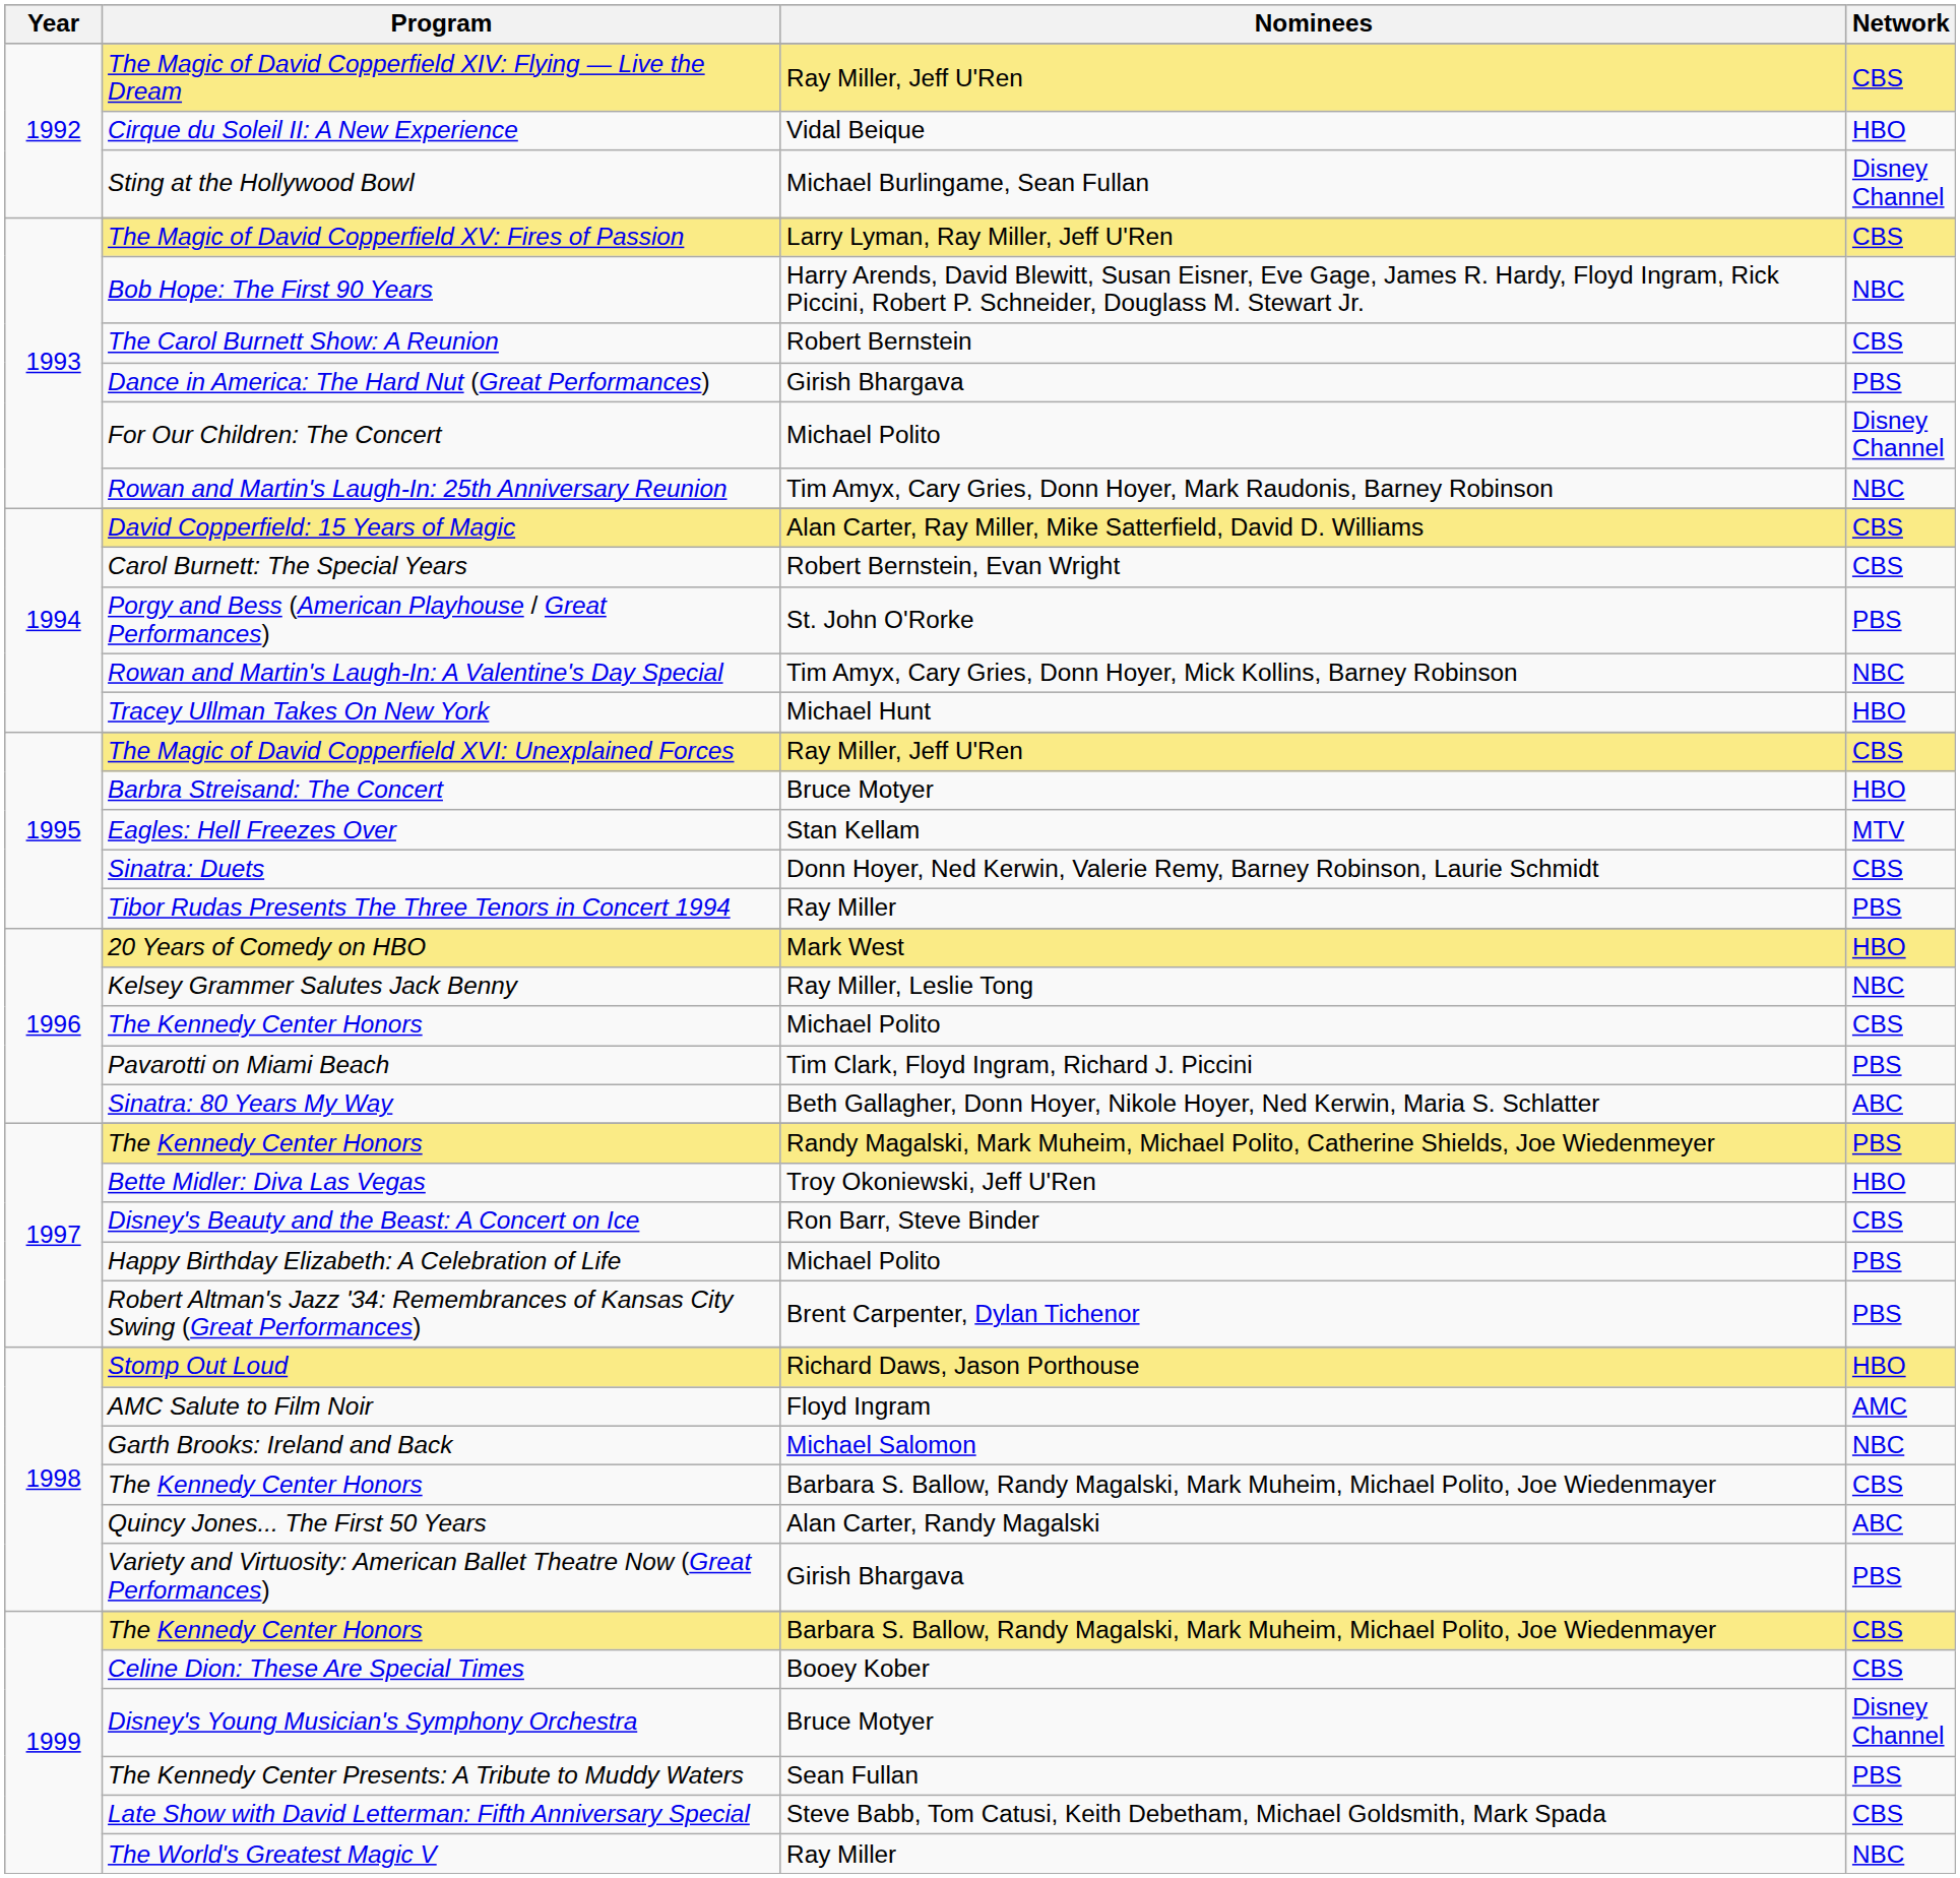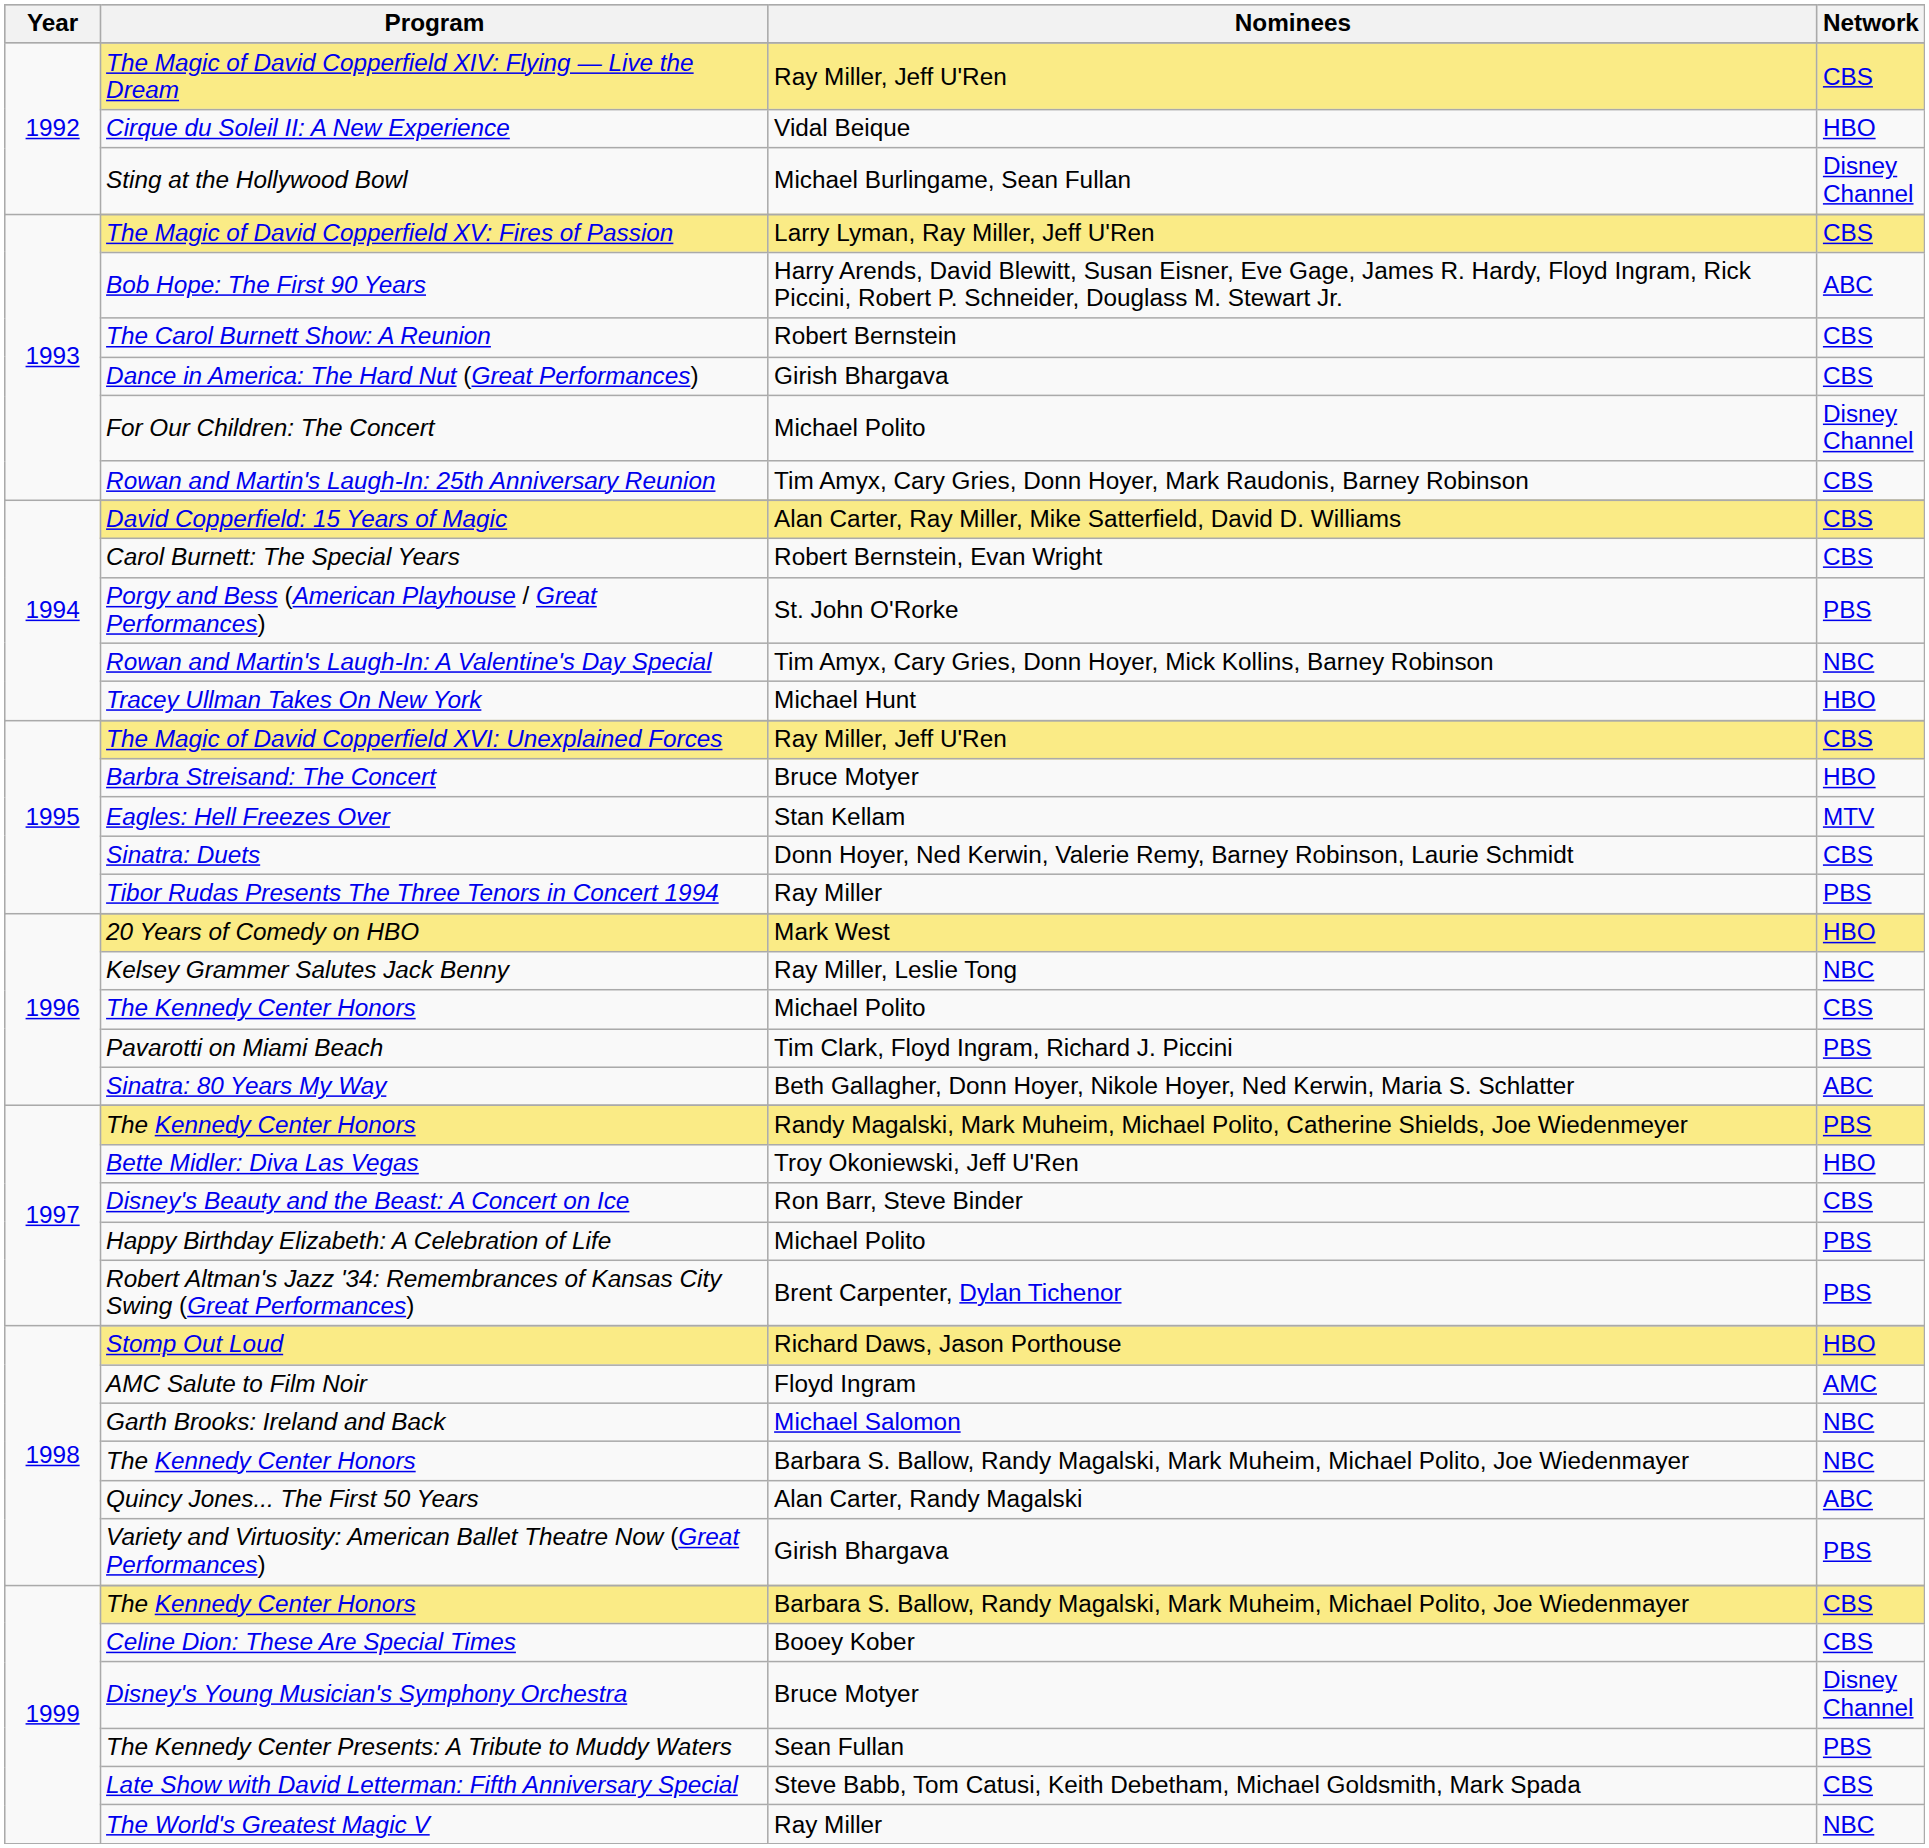 <table class="wikitable" style="width:100%">
 <tr style="background:#bebebe;">
 <th style="width:5%;">Year</th>
 <th style="width:35%;">Program</th>
 <th style="width:55%;">Nominees</th>
 <th style="width:5%;">Network</th>
 </tr>
 <tr>
 <td rowspan=4 style="text-align:center;"><a href='#'>1992</a><br></td>
 </tr>
 <tr style="background:#FAEB86;">
 <td><em><a href='#'>The Magic of David Copperfield XIV: Flying — Live the Dream</a></em></td>
 <td>Ray Miller, Jeff U'Ren</td>
 <td><a href='#'>CBS</a></td>
 </tr>
 <tr>
 <td><em><a href='#'>Cirque du Soleil II: A New Experience</a></em></td>
 <td>Vidal Beique</td>
 <td><a href='#'>HBO</a></td>
 </tr>
 <tr>
 <td><em>Sting at the Hollywood Bowl</em></td>
 <td>Michael Burlingame, Sean Fullan</td>
 <td><a href='#'>Disney Channel</a></td>
 </tr>
 <tr>
 <td rowspan=7 style="text-align:center;"><a href='#'>1993</a><br></td>
 </tr>
 <tr style="background:#FAEB86;">
 <td><em><a href='#'>The Magic of David Copperfield XV: Fires of Passion</a></em></td>
 <td>Larry Lyman, Ray Miller, Jeff U'Ren</td>
 <td><a href='#'>CBS</a></td>
 </tr>
 <tr>
 <td><em><a href='#'>Bob Hope: The First 90 Years</a></em></td>
 <td>Harry Arends, David Blewitt, Susan Eisner, Eve Gage, James R. Hardy, Floyd Ingram, Rick Piccini, Robert P. Schneider, Douglass M. Stewart Jr.</td>
-<td><a href='#'>NBC</a></td>
+<td><a href='#'>ABC</a></td>
 </tr>
 <tr>
 <td><em><a href='#'>The Carol Burnett Show: A Reunion</a></em></td>
 <td>Robert Bernstein</td>
 <td><a href='#'>CBS</a></td>
 </tr>
 <tr>
 <td><em><a href='#'>Dance in America: The Hard Nut</a></em> (<em><a href='#'>Great Performances</a></em>)</td>
 <td>Girish Bhargava</td>
-<td><a href='#'>PBS</a></td>
+<td><a href='#'>CBS</a></td>
 </tr>
 <tr>
 <td><em>For Our Children: The Concert</em></td>
 <td>Michael Polito</td>
 <td><a href='#'>Disney Channel</a></td>
 </tr>
 <tr>
 <td><em><a href='#'>Rowan and Martin's Laugh-In: 25th Anniversary Reunion</a></em></td>
 <td>Tim Amyx, Cary Gries, Donn Hoyer, Mark Raudonis, Barney Robinson</td>
-<td><a href='#'>NBC</a></td>
+<td><a href='#'>CBS</a></td>
 </tr>
 <tr>
 <td rowspan=6 style="text-align:center;"><a href='#'>1994</a><br></td>
 </tr>
 <tr style="background:#FAEB86;">
 <td><em><a href='#'>David Copperfield: 15 Years of Magic</a></em></td>
 <td>Alan Carter, Ray Miller, Mike Satterfield, David D. Williams</td>
 <td><a href='#'>CBS</a></td>
 </tr>
 <tr>
 <td><em>Carol Burnett: The Special Years</em></td>
 <td>Robert Bernstein, Evan Wright</td>
 <td><a href='#'>CBS</a></td>
 </tr>
 <tr>
 <td><em><a href='#'>Porgy and Bess</a></em> (<em><a href='#'>American Playhouse</a></em> / <em><a href='#'>Great Performances</a></em>)</td>
 <td>St. John O'Rorke</td>
 <td><a href='#'>PBS</a></td>
 </tr>
 <tr>
 <td><em><a href='#'>Rowan and Martin's Laugh-In: A Valentine's Day Special</a></em></td>
 <td>Tim Amyx, Cary Gries, Donn Hoyer, Mick Kollins, Barney Robinson</td>
 <td><a href='#'>NBC</a></td>
 </tr>
 <tr>
 <td><em><a href='#'>Tracey Ullman Takes On New York</a></em></td>
 <td>Michael Hunt</td>
 <td><a href='#'>HBO</a></td>
 </tr>
 <tr>
 <td rowspan=6 style="text-align:center;"><a href='#'>1995</a><br></td>
 </tr>
 <tr style="background:#FAEB86;">
 <td><em><a href='#'>The Magic of David Copperfield XVI: Unexplained Forces</a></em></td>
 <td>Ray Miller, Jeff U'Ren</td>
 <td><a href='#'>CBS</a></td>
 </tr>
 <tr>
 <td><em><a href='#'>Barbra Streisand: The Concert</a></em></td>
 <td>Bruce Motyer</td>
 <td><a href='#'>HBO</a></td>
 </tr>
 <tr>
 <td><em><a href='#'>Eagles: Hell Freezes Over</a></em></td>
 <td>Stan Kellam</td>
 <td><a href='#'>MTV</a></td>
 </tr>
 <tr>
 <td><em><a href='#'>Sinatra: Duets</a></em></td>
 <td>Donn Hoyer, Ned Kerwin, Valerie Remy, Barney Robinson, Laurie Schmidt</td>
 <td><a href='#'>CBS</a></td>
 </tr>
 <tr>
 <td><em><a href='#'>Tibor Rudas Presents The Three Tenors in Concert 1994</a></em></td>
 <td>Ray Miller</td>
 <td><a href='#'>PBS</a></td>
 </tr>
 <tr>
 <td rowspan=6 style="text-align:center;"><a href='#'>1996</a><br></td>
 </tr>
 <tr style="background:#FAEB86;">
 <td><em>20 Years of Comedy on HBO</em></td>
 <td>Mark West</td>
 <td><a href='#'>HBO</a></td>
 </tr>
 <tr>
 <td><em>Kelsey Grammer Salutes Jack Benny</em></td>
 <td>Ray Miller, Leslie Tong</td>
 <td><a href='#'>NBC</a></td>
 </tr>
 <tr>
 <td><em><a href='#'>The Kennedy Center Honors</a></em></td>
 <td>Michael Polito</td>
 <td><a href='#'>CBS</a></td>
 </tr>
 <tr>
 <td><em>Pavarotti on Miami Beach</em></td>
 <td>Tim Clark, Floyd Ingram, Richard J. Piccini</td>
 <td><a href='#'>PBS</a></td>
 </tr>
 <tr>
 <td><em><a href='#'>Sinatra: 80 Years My Way</a></em></td>
 <td>Beth Gallagher, Donn Hoyer, Nikole Hoyer, Ned Kerwin, Maria S. Schlatter</td>
 <td><a href='#'>ABC</a></td>
 </tr>
 <tr>
 <td rowspan=6 style="text-align:center;"><a href='#'>1997</a><br></td>
 </tr>
 <tr style="background:#FAEB86;">
 <td><em>The <a href='#'>Kennedy Center Honors</a></em></td>
 <td>Randy Magalski, Mark Muheim, Michael Polito, Catherine Shields, Joe Wiedenmeyer</td>
 <td><a href='#'>PBS</a></td>
 </tr>
 <tr>
 <td><em><a href='#'>Bette Midler: Diva Las Vegas</a></em></td>
 <td>Troy Okoniewski, Jeff U'Ren</td>
 <td><a href='#'>HBO</a></td>
 </tr>
 <tr>
 <td><em><a href='#'>Disney's Beauty and the Beast: A Concert on Ice</a></em></td>
 <td>Ron Barr, Steve Binder</td>
 <td><a href='#'>CBS</a></td>
 </tr>
 <tr>
 <td><em>Happy Birthday Elizabeth: A Celebration of Life</em></td>
 <td>Michael Polito</td>
 <td><a href='#'>PBS</a></td>
 </tr>
 <tr>
 <td><em>Robert Altman's Jazz '34: Remembrances of Kansas City Swing</em> (<em><a href='#'>Great Performances</a></em>)</td>
 <td>Brent Carpenter, <a href='#'>Dylan Tichenor</a></td>
 <td><a href='#'>PBS</a></td>
 </tr>
 <tr>
 <td rowspan=7 style="text-align:center;"><a href='#'>1998</a><br></td>
 </tr>
 <tr style="background:#FAEB86;">
 <td><em><a href='#'>Stomp Out Loud</a></em></td>
 <td>Richard Daws, Jason Porthouse</td>
 <td><a href='#'>HBO</a></td>
 </tr>
 <tr>
 <td><em>AMC Salute to Film Noir</em></td>
 <td>Floyd Ingram</td>
 <td><a href='#'>AMC</a></td>
 </tr>
 <tr>
 <td><em>Garth Brooks: Ireland and Back</em></td>
 <td><a href='#'>Michael Salomon</a></td>
 <td><a href='#'>NBC</a></td>
 </tr>
 <tr>
 <td><em>The <a href='#'>Kennedy Center Honors</a></em></td>
 <td>Barbara S. Ballow, Randy Magalski, Mark Muheim, Michael Polito, Joe Wiedenmayer</td>
-<td><a href='#'>CBS</a></td>
+<td><a href='#'>NBC</a></td>
 </tr>
 <tr>
 <td><em>Quincy Jones... The First 50 Years</em></td>
 <td>Alan Carter, Randy Magalski</td>
 <td><a href='#'>ABC</a></td>
 </tr>
 <tr>
 <td><em>Variety and Virtuosity: American Ballet Theatre Now</em> (<em><a href='#'>Great Performances</a></em>)</td>
 <td>Girish Bhargava</td>
 <td><a href='#'>PBS</a></td>
 </tr>
 <tr>
 <td rowspan=7 style="text-align:center;"><a href='#'>1999</a><br></td>
 </tr>
 <tr style="background:#FAEB86;">
 <td><em>The <a href='#'>Kennedy Center Honors</a></em></td>
 <td>Barbara S. Ballow, Randy Magalski, Mark Muheim, Michael Polito, Joe Wiedenmayer</td>
 <td><a href='#'>CBS</a></td>
 </tr>
 <tr>
 <td><em><a href='#'>Celine Dion: These Are Special Times</a></em></td>
 <td>Booey Kober</td>
 <td><a href='#'>CBS</a></td>
 </tr>
 <tr>
 <td><em><a href='#'>Disney's Young Musician's Symphony Orchestra</a></em></td>
 <td>Bruce Motyer</td>
 <td><a href='#'>Disney Channel</a></td>
 </tr>
 <tr>
 <td><em>The Kennedy Center Presents: A Tribute to Muddy Waters</em></td>
 <td>Sean Fullan</td>
 <td><a href='#'>PBS</a></td>
 </tr>
 <tr>
 <td><em><a href='#'>Late Show with David Letterman: Fifth Anniversary Special</a></em></td>
 <td>Steve Babb, Tom Catusi, Keith Debetham, Michael Goldsmith, Mark Spada</td>
 <td><a href='#'>CBS</a></td>
 </tr>
 <tr>
 <td><em><a href='#'>The World's Greatest Magic V</a></em></td>
 <td>Ray Miller</td>
 <td><a href='#'>NBC</a></td>
 </tr>
 <tr>
 </tr>
 </table>
